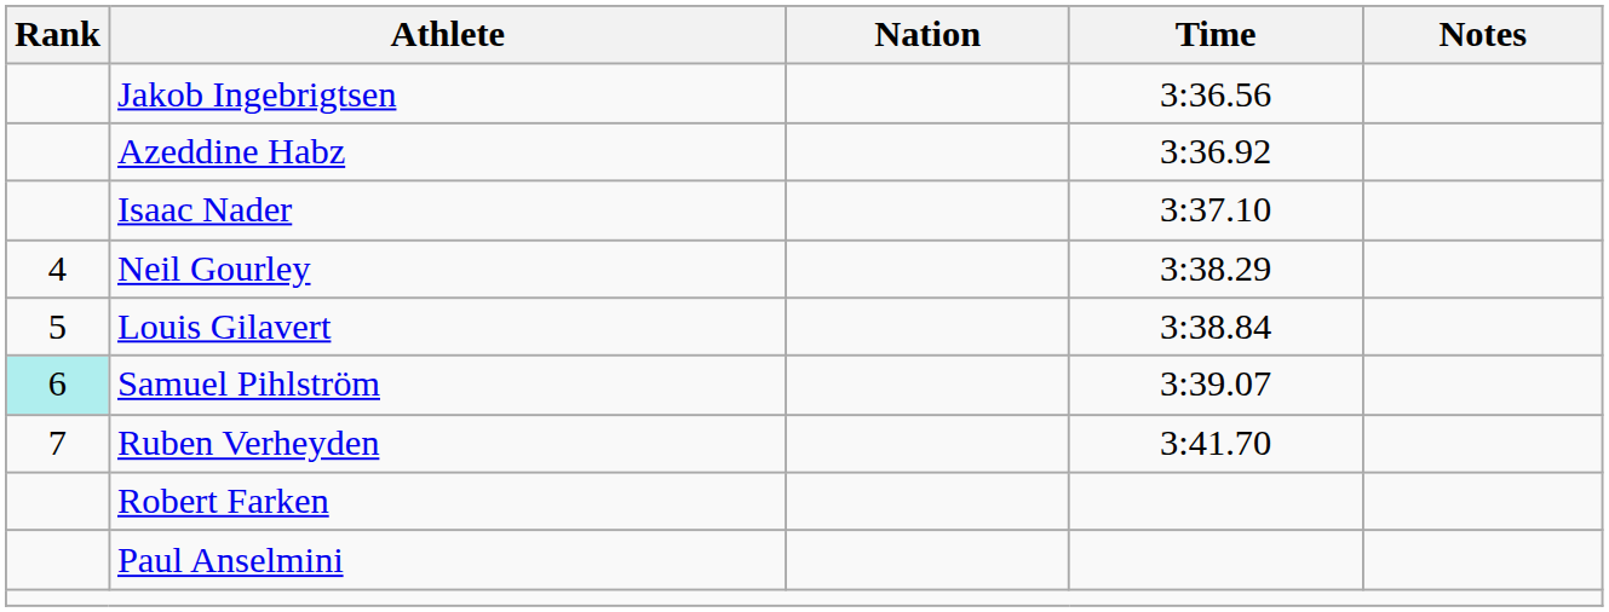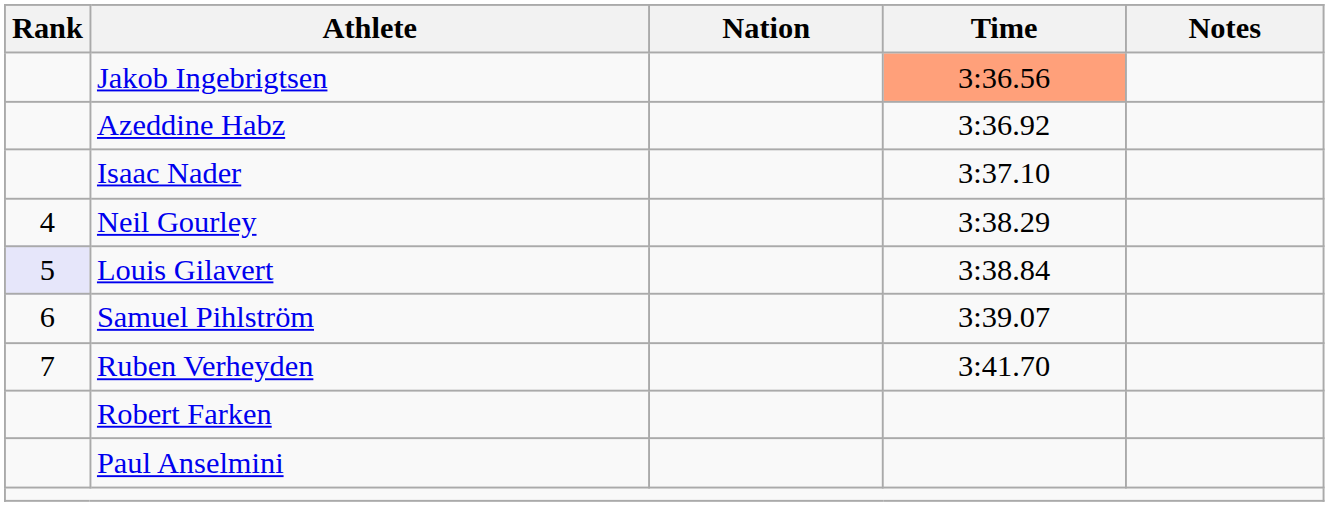 <table class="wikitable sortable" style="text-align:center;width: 55%;">
 <tr>
 <th scope="col" style="width: 10px;">Rank</th>
 <th scope="col">Athlete</th>
 <th scope="col">Nation</th>
 <th scope="col">Time</th>
 <th scope="col">Notes</th>
 </tr>
 <tr>
 <td></td>
 <td align=left><a href='#'>Jakob Ingebrigtsen</a></td>
 <td align=left></td>
-<td>3:36.56</td>
+<td style="background: lightsalmon;">3:36.56</td>
 <td></td>
 </tr>
 <tr>
 <td></td>
 <td align=left><a href='#'>Azeddine Habz</a></td>
 <td align=left></td>
 <td>3:36.92</td>
 <td></td>
 </tr>
 <tr>
 <td></td>
 <td align=left><a href='#'>Isaac Nader</a></td>
 <td align=left></td>
 <td>3:37.10</td>
 <td></td>
 </tr>
 <tr>
 <td>4</td>
 <td align=left><a href='#'>Neil Gourley</a></td>
 <td align=left></td>
 <td>3:38.29</td>
 <td></td>
 </tr>
 <tr>
-<td>5</td>
+<td style="background: lavender;">5</td>
 <td align=left><a href='#'>Louis Gilavert</a></td>
 <td align=left></td>
 <td>3:38.84</td>
 <td></td>
 </tr>
 <tr>
-<td style="background: paleturquoise;">6</td>
+<td>6</td>
 <td align=left><a href='#'>Samuel Pihlström</a></td>
 <td align=left></td>
 <td>3:39.07</td>
 <td></td>
 </tr>
 <tr>
 <td>7</td>
 <td align=left><a href='#'>Ruben Verheyden</a></td>
 <td align=left></td>
 <td>3:41.70</td>
 <td></td>
 </tr>
 <tr>
 <td></td>
 <td align=left><a href='#'>Robert Farken</a></td>
 <td align=left></td>
 <td></td>
 <td></td>
 </tr>
 <tr>
 <td></td>
 <td align=left><a href='#'>Paul Anselmini</a></td>
 <td align=left></td>
 <td></td>
 <td></td>
 </tr>
 <tr class="sortbottom">
 <td colspan="5"></td>
 </tr>
 </table>
